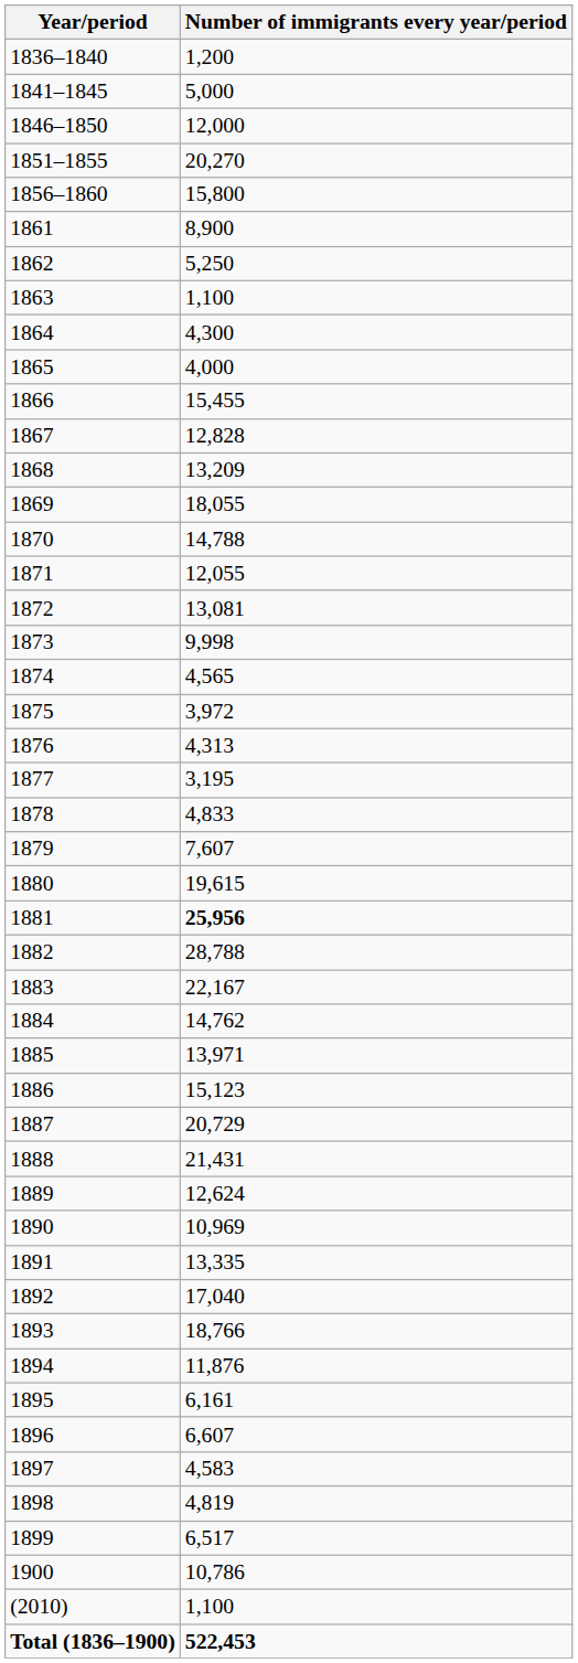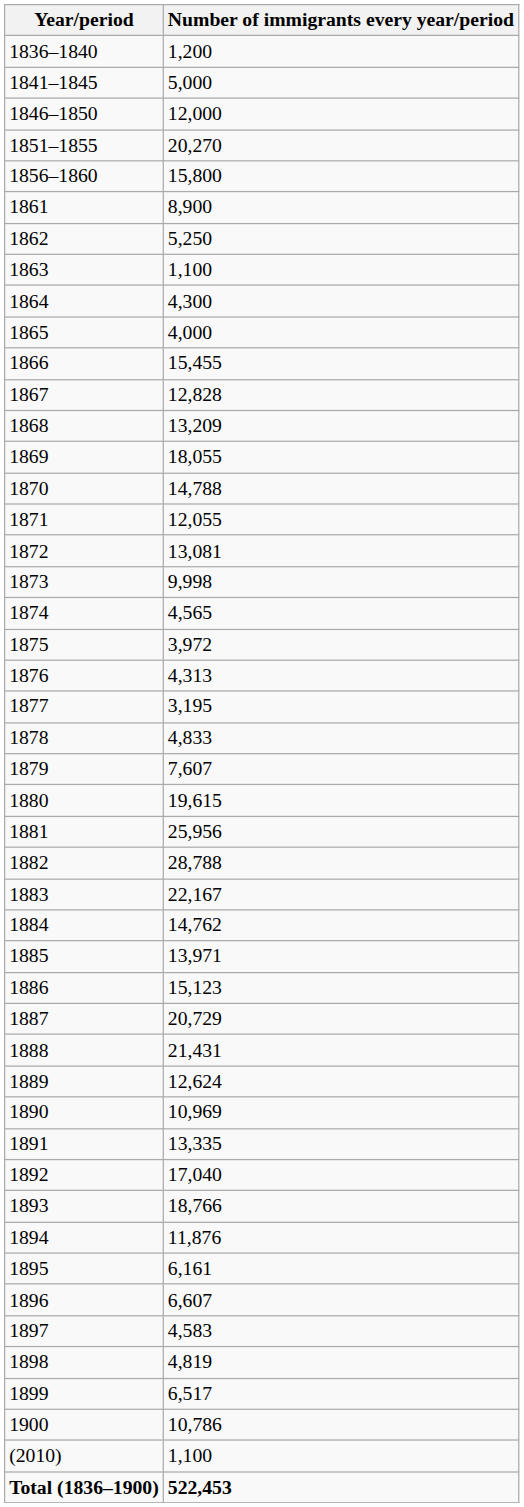 <table class="wikitable">
 <tr>
 <th>Year/period</th>
 <th>Number of immigrants every year/period</th>
 </tr>
 <tr>
 <td>1836–1840</td>
 <td>1,200</td>
 </tr>
 <tr>
 <td>1841–1845</td>
 <td>5,000</td>
 </tr>
 <tr>
 <td>1846–1850</td>
 <td>12,000</td>
 </tr>
 <tr>
 <td>1851–1855</td>
 <td>20,270</td>
 </tr>
 <tr>
 <td>1856–1860</td>
 <td>15,800</td>
 </tr>
 <tr>
 <td>1861</td>
 <td>8,900</td>
 </tr>
 <tr>
 <td>1862</td>
 <td>5,250</td>
 </tr>
 <tr>
 <td>1863</td>
 <td>1,100</td>
 </tr>
 <tr>
 <td>1864</td>
 <td>4,300</td>
 </tr>
 <tr>
 <td>1865</td>
 <td>4,000</td>
 </tr>
 <tr>
 <td>1866</td>
 <td>15,455</td>
 </tr>
 <tr>
 <td>1867</td>
 <td>12,828</td>
 </tr>
 <tr>
 <td>1868</td>
 <td>13,209</td>
 </tr>
 <tr>
 <td>1869</td>
 <td>18,055</td>
 </tr>
 <tr>
 <td>1870</td>
 <td>14,788</td>
 </tr>
 <tr>
 <td>1871</td>
 <td>12,055</td>
 </tr>
 <tr>
 <td>1872</td>
 <td>13,081</td>
 </tr>
 <tr>
 <td>1873</td>
 <td>9,998</td>
 </tr>
 <tr>
 <td>1874</td>
 <td>4,565</td>
 </tr>
 <tr>
 <td>1875</td>
 <td>3,972</td>
 </tr>
 <tr>
 <td>1876</td>
 <td>4,313</td>
 </tr>
 <tr>
 <td>1877</td>
 <td>3,195</td>
 </tr>
 <tr>
 <td>1878</td>
 <td>4,833</td>
 </tr>
 <tr>
 <td>1879</td>
 <td>7,607</td>
 </tr>
 <tr>
 <td>1880</td>
 <td>19,615</td>
 </tr>
 <tr>
 <td>1881</td>
-<td><strong>25,956</strong></td>
+<td>25,956</td>
 </tr>
 <tr>
 <td>1882</td>
 <td>28,788</td>
 </tr>
 <tr>
 <td>1883</td>
 <td>22,167</td>
 </tr>
 <tr>
 <td>1884</td>
 <td>14,762</td>
 </tr>
 <tr>
 <td>1885</td>
 <td>13,971</td>
 </tr>
 <tr>
 <td>1886</td>
 <td>15,123</td>
 </tr>
 <tr>
 <td>1887</td>
 <td>20,729</td>
 </tr>
 <tr>
 <td>1888</td>
 <td>21,431</td>
 </tr>
 <tr>
 <td>1889</td>
 <td>12,624</td>
 </tr>
 <tr>
 <td>1890</td>
 <td>10,969</td>
 </tr>
 <tr>
 <td>1891</td>
 <td>13,335</td>
 </tr>
 <tr>
 <td>1892</td>
 <td>17,040</td>
 </tr>
 <tr>
 <td>1893</td>
 <td>18,766</td>
 </tr>
 <tr>
 <td>1894</td>
 <td>11,876</td>
 </tr>
 <tr>
 <td>1895</td>
 <td>6,161</td>
 </tr>
 <tr>
 <td>1896</td>
 <td>6,607</td>
 </tr>
 <tr>
 <td>1897</td>
 <td>4,583</td>
 </tr>
 <tr>
 <td>1898</td>
 <td>4,819</td>
 </tr>
 <tr>
 <td>1899</td>
 <td>6,517</td>
 </tr>
 <tr>
 <td>1900</td>
 <td>10,786</td>
 </tr>
 <tr>
 <td>(2010)</td>
 <td>1,100</td>
 </tr>
 <tr>
 <td><strong>Total (1836–1900)</strong></td>
 <td><strong>522,453</strong></td>
 </tr>
 </table>
